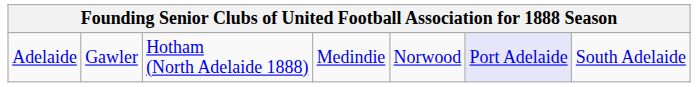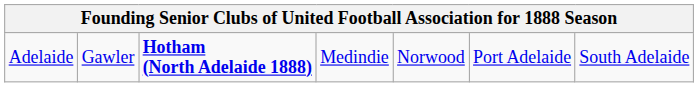 <table class="wikitable" style="margin:0.2em auto">
 <tr>
 <th colspan="8">Founding Senior Clubs of United Football Association for 1888 Season</th>
 </tr>
 <tr>
 <td><a href='#'>Adelaide</a></td>
 <td><a href='#'>Gawler</a></td>
-<td><a href='#'>Hotham <br> (North Adelaide 1888)</a></td>
+<td><strong><a href='#'>Hotham <br> (North Adelaide 1888)</a></strong></td>
 <td><a href='#'>Medindie</a></td>
 <td><a href='#'>Norwood</a></td>
-<td style="background: lavender;"><a href='#'>Port Adelaide</a></td>
+<td><a href='#'>Port Adelaide</a></td>
 <td><a href='#'>South Adelaide</a></td>
 </tr>
 </table>
